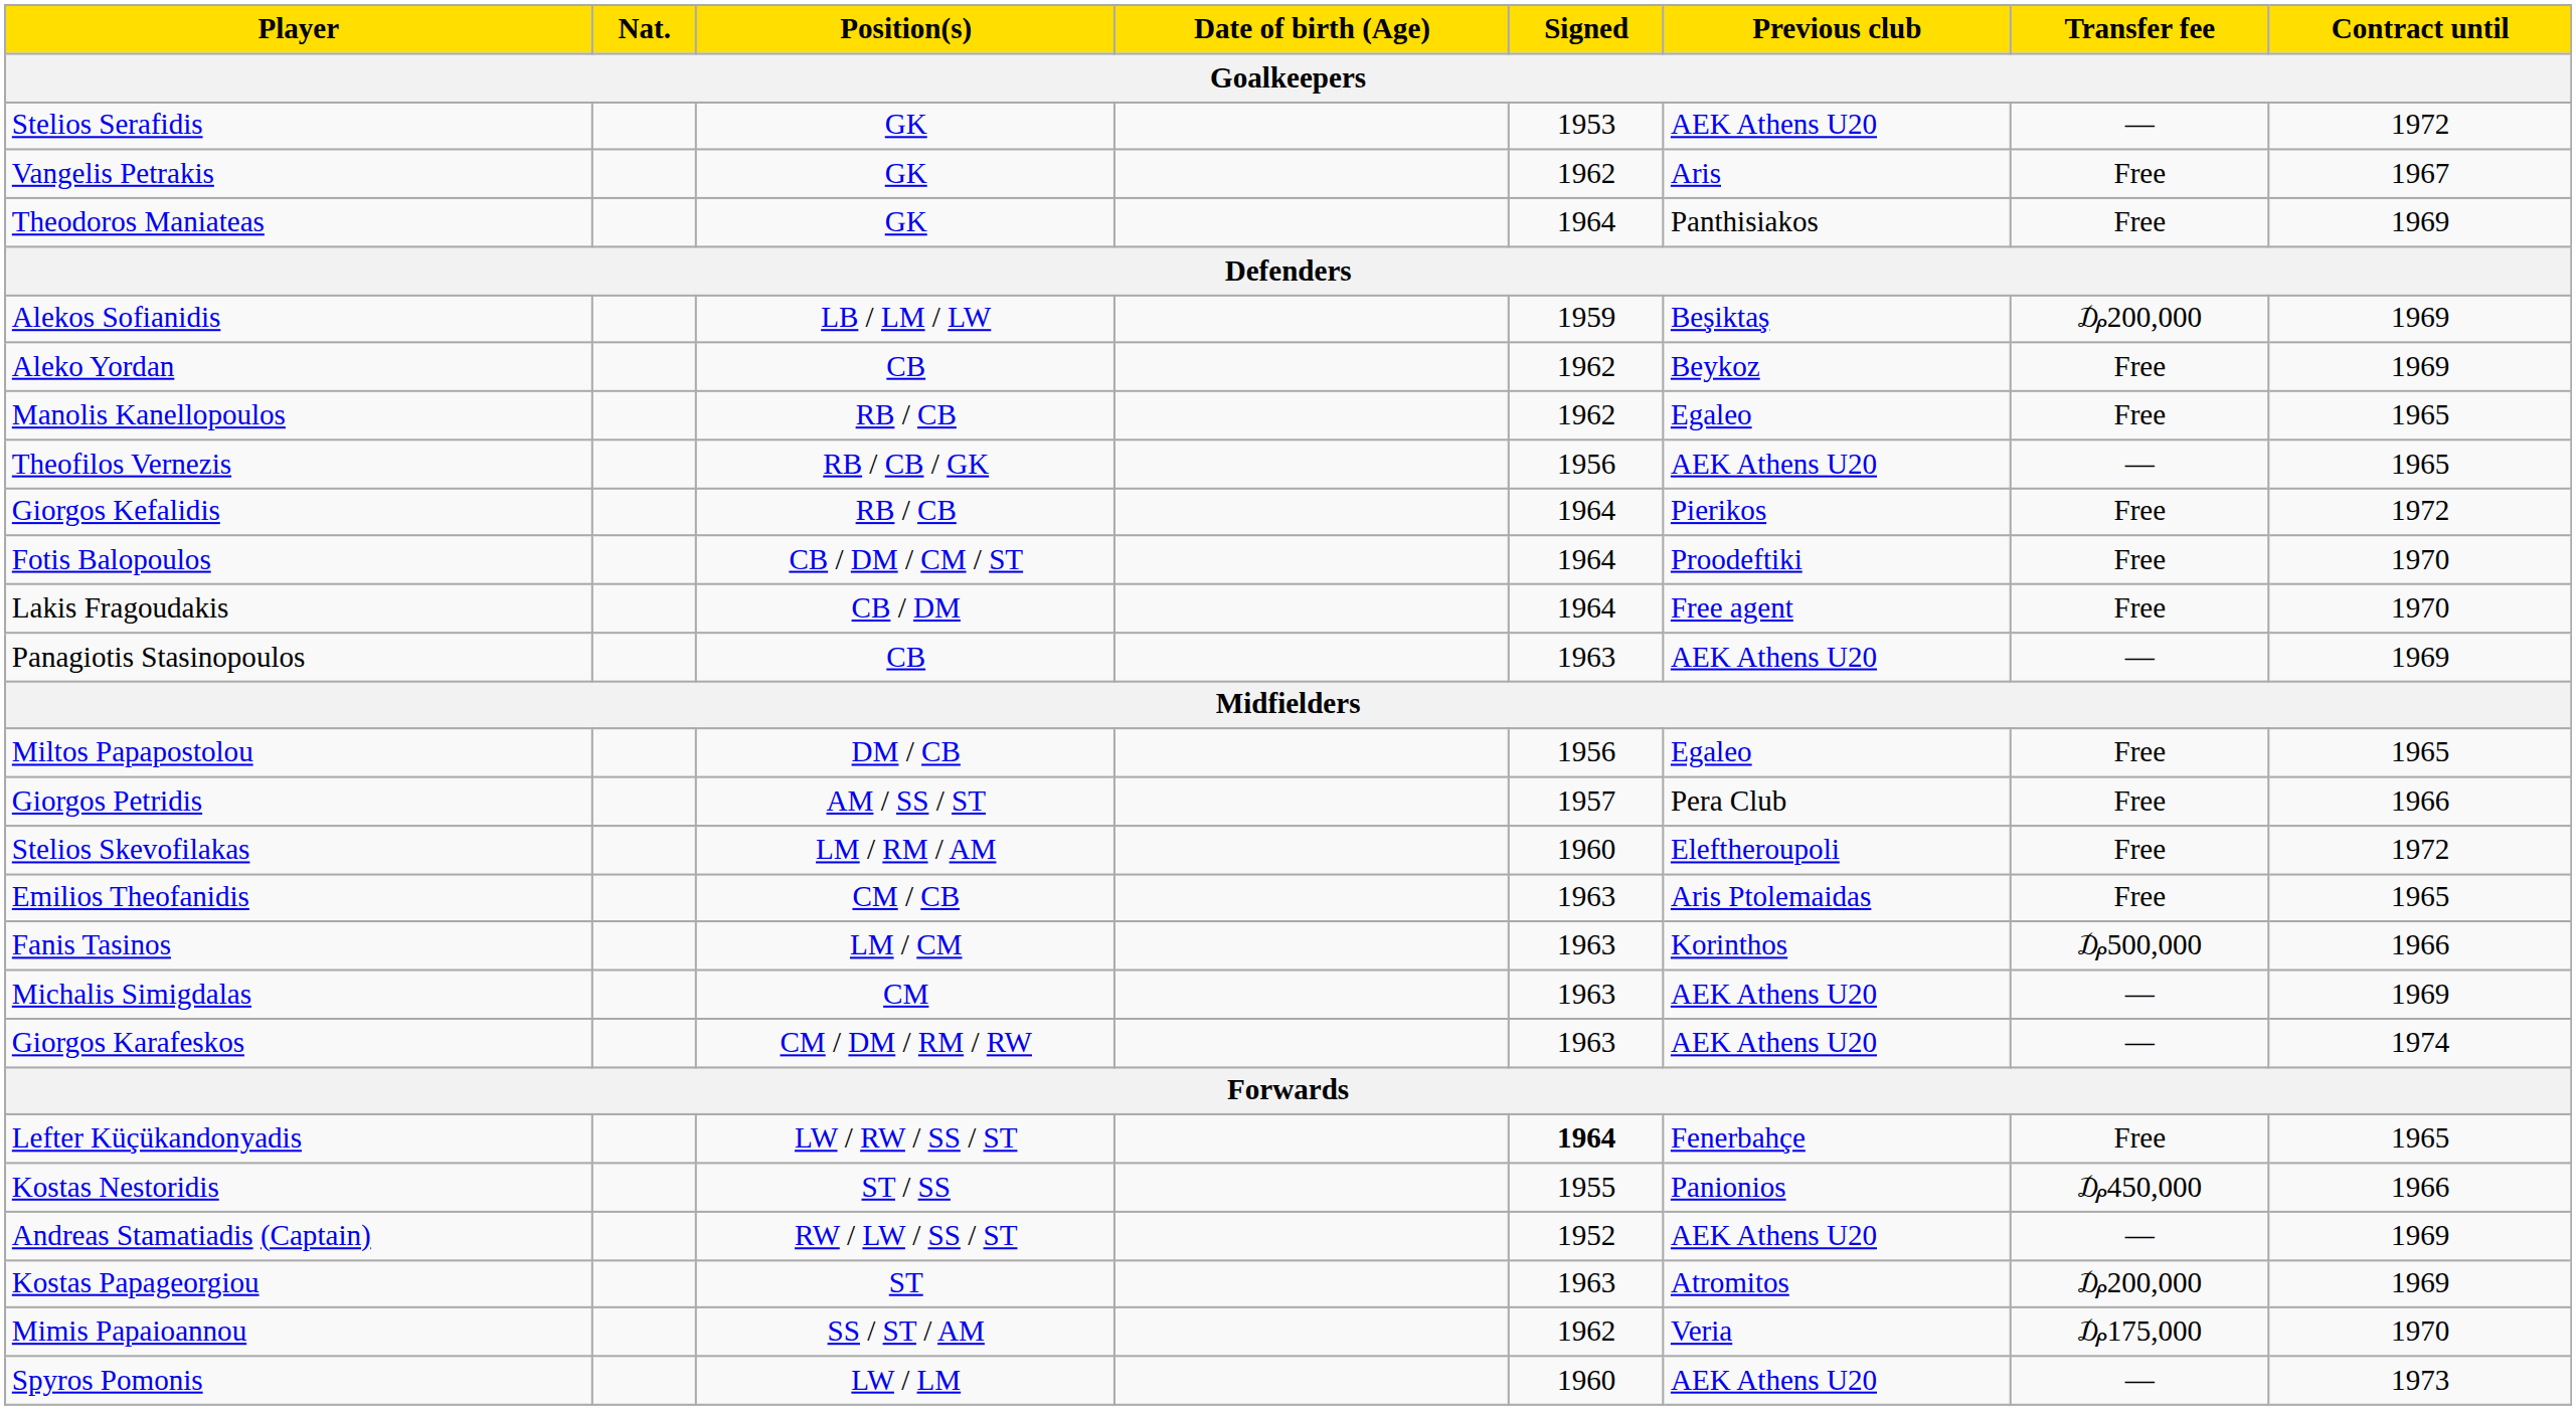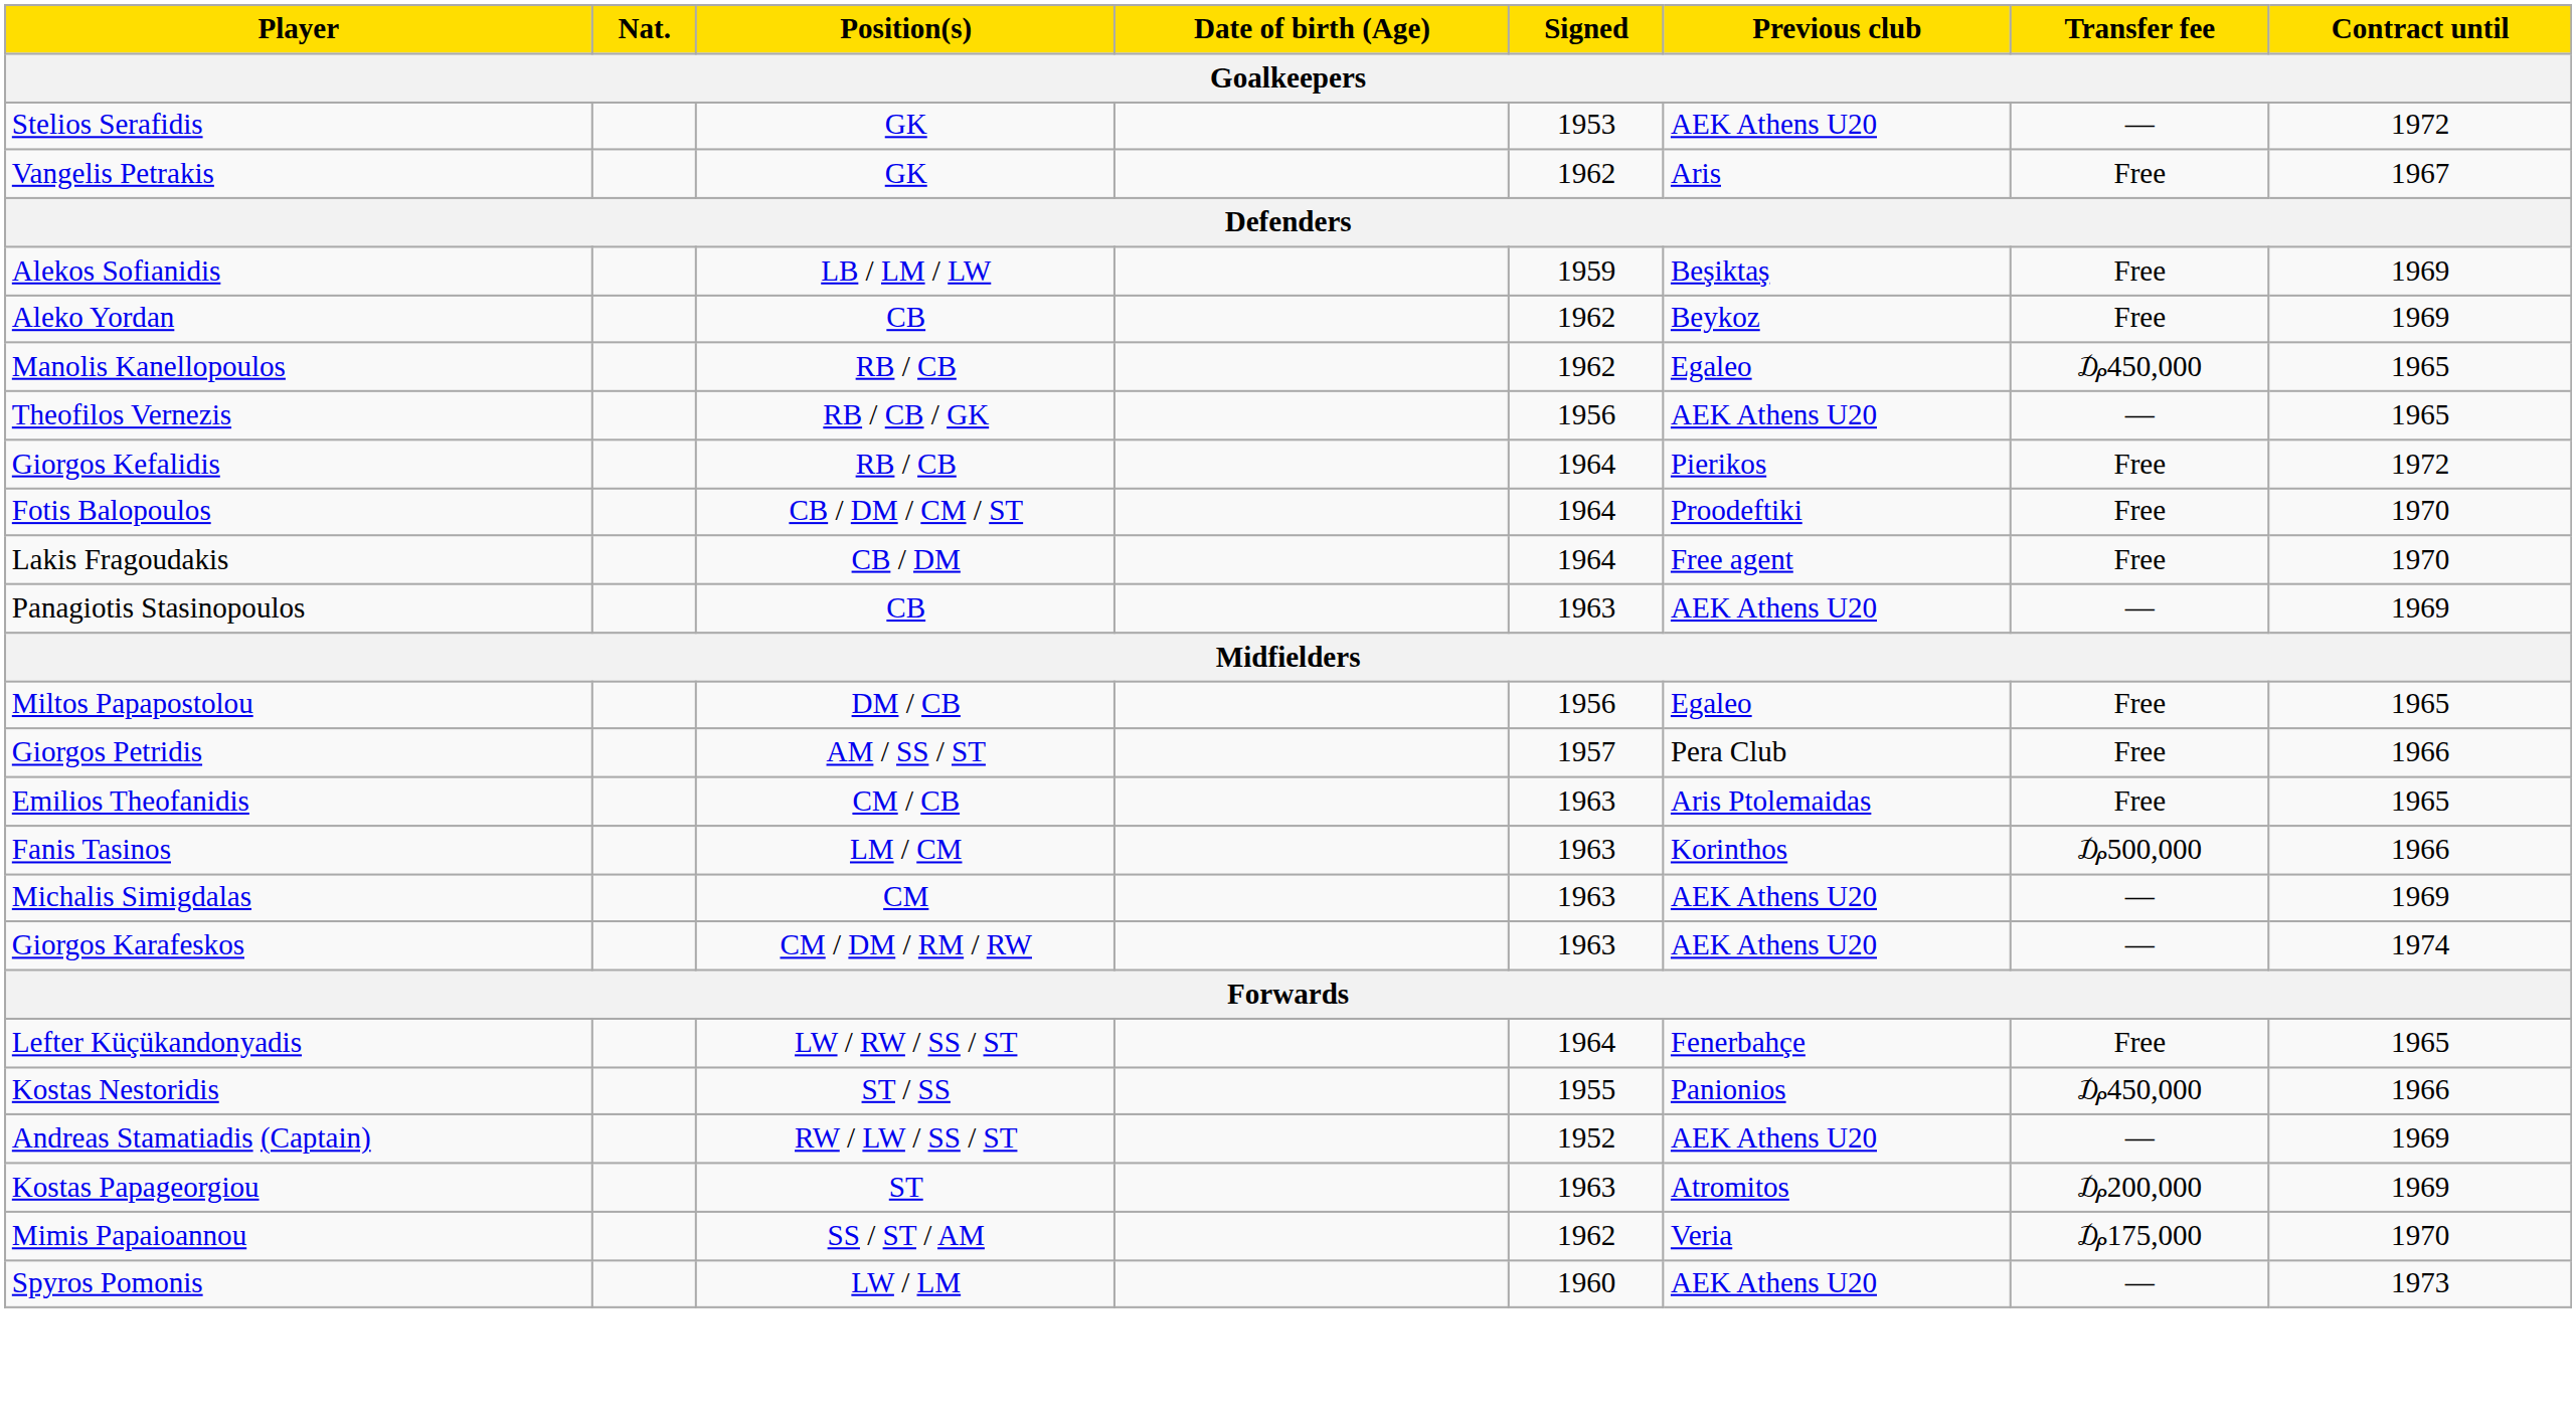 <table class="wikitable" style="text-align:center; font-size:90%;width:100%;">
 <tr>
 <th style="background:#FFDE00">Player</th>
 <th style="background:#FFDE00">Nat.</th>
 <th style="background:#FFDE00">Position(s)</th>
 <th style="background:#FFDE00">Date of birth (Age)</th>
 <th style="background:#FFDE00">Signed</th>
 <th style="background:#FFDE00">Previous club</th>
 <th style="background:#FFDE00">Transfer fee</th>
 <th style="background:#FFDE00">Contract until</th>
 </tr>
 <tr>
 <th colspan="8">Goalkeepers</th>
 </tr>
 <tr>
 <td align=left><a href='#'>Stelios Serafidis</a></td>
 <td></td>
 <td><a href='#'>GK</a></td>
 <td></td>
 <td>1953</td>
 <td align=left> <a href='#'>AEK Athens U20</a></td>
 <td>—</td>
 <td>1972</td>
 </tr>
 <tr>
 <td align=left><a href='#'>Vangelis Petrakis</a></td>
 <td></td>
 <td><a href='#'>GK</a></td>
 <td></td>
 <td>1962</td>
 <td align=left> <a href='#'>Aris</a></td>
 <td>Free</td>
 <td>1967</td>
 </tr>
 <tr>
-<td align=left><a href='#'>Theodoros Maniateas</a></td>
-<td></td>
-<td><a href='#'>GK</a></td>
-<td></td>
-<td>1964</td>
-<td align=left> Panthisiakos</td>
-<td>Free</td>
-<td>1969</td>
-</tr>
-<tr>
 <th colspan="8">Defenders</th>
 </tr>
 <tr>
 <td align=left><a href='#'>Alekos Sofianidis</a></td>
 <td></td>
 <td><a href='#'>LB</a> / <a href='#'>LM</a> / <a href='#'>LW</a></td>
 <td></td>
 <td>1959</td>
 <td align=left> <a href='#'>Beşiktaş</a></td>
-<td>₯200,000</td>
+<td>Free</td>
 <td>1969</td>
 </tr>
 <tr>
 <td align=left><a href='#'>Aleko Yordan</a></td>
 <td></td>
 <td><a href='#'>CB</a></td>
 <td></td>
 <td>1962</td>
 <td align=left> <a href='#'>Beykoz</a></td>
 <td>Free</td>
 <td>1969</td>
 </tr>
 <tr>
 <td align=left><a href='#'>Manolis Kanellopoulos</a></td>
 <td></td>
 <td><a href='#'>RB</a> / <a href='#'>CB</a></td>
 <td></td>
 <td>1962</td>
 <td align=left> <a href='#'>Egaleo</a></td>
-<td>Free</td>
+<td>₯450,000</td>
 <td>1965</td>
 </tr>
 <tr>
 <td align=left><a href='#'>Theofilos Vernezis</a></td>
 <td></td>
 <td><a href='#'>RB</a> / <a href='#'>CB</a> / <a href='#'>GK</a></td>
 <td></td>
 <td>1956</td>
 <td align=left> <a href='#'>AEK Athens U20</a></td>
 <td>—</td>
 <td>1965</td>
 </tr>
 <tr>
 <td align=left><a href='#'>Giorgos Kefalidis</a></td>
 <td></td>
 <td><a href='#'>RB</a> / <a href='#'>CB</a></td>
 <td></td>
 <td>1964</td>
 <td align=left> <a href='#'>Pierikos</a></td>
 <td>Free</td>
 <td>1972</td>
 </tr>
 <tr>
 <td align=left><a href='#'>Fotis Balopoulos</a></td>
 <td></td>
 <td><a href='#'>CB</a> / <a href='#'>DM</a> / <a href='#'>CM</a> / <a href='#'>ST</a></td>
 <td></td>
 <td>1964</td>
 <td align=left> <a href='#'>Proodeftiki</a></td>
 <td>Free</td>
 <td>1970</td>
 </tr>
 <tr>
 <td align=left>Lakis Fragoudakis</td>
 <td></td>
 <td><a href='#'>CB</a> / <a href='#'>DM</a></td>
 <td></td>
 <td>1964</td>
 <td align=left><a href='#'>Free agent</a></td>
 <td>Free</td>
 <td>1970</td>
 </tr>
 <tr>
 <td align=left>Panagiotis Stasinopoulos</td>
 <td></td>
 <td><a href='#'>CB</a></td>
 <td></td>
 <td>1963</td>
 <td align=left> <a href='#'>AEK Athens U20</a></td>
 <td>—</td>
 <td>1969</td>
 </tr>
 <tr>
 <th colspan="8">Midfielders</th>
 </tr>
 <tr>
 <td align=left><a href='#'>Miltos Papapostolou</a></td>
 <td></td>
 <td><a href='#'>DM</a> / <a href='#'>CB</a></td>
 <td></td>
 <td>1956</td>
 <td align=left> <a href='#'>Egaleo</a></td>
 <td>Free</td>
 <td>1965</td>
 </tr>
 <tr>
 <td align=left><a href='#'>Giorgos Petridis</a></td>
 <td></td>
 <td><a href='#'>AM</a> / <a href='#'>SS</a> / <a href='#'>ST</a></td>
 <td></td>
 <td>1957</td>
 <td align=left> Pera Club</td>
 <td>Free</td>
 <td>1966</td>
 </tr>
 <tr>
-<td align=left><a href='#'>Stelios Skevofilakas</a></td>
-<td></td>
-<td><a href='#'>LM</a> / <a href='#'>RM</a> / <a href='#'>AM</a></td>
-<td></td>
-<td>1960</td>
-<td align=left> <a href='#'>Eleftheroupoli</a></td>
-<td>Free</td>
-<td>1972</td>
-</tr>
-<tr>
 <td align=left><a href='#'>Emilios Theofanidis</a></td>
 <td></td>
 <td><a href='#'>CM</a> / <a href='#'>CB</a></td>
 <td></td>
 <td>1963</td>
 <td align=left> <a href='#'>Aris Ptolemaidas</a></td>
 <td>Free</td>
 <td>1965</td>
 </tr>
 <tr>
 <td align=left><a href='#'>Fanis Tasinos</a></td>
 <td></td>
 <td><a href='#'>LM</a> / <a href='#'>CM</a></td>
 <td></td>
 <td>1963</td>
 <td align=left> <a href='#'>Korinthos</a></td>
 <td>₯500,000</td>
 <td>1966</td>
 </tr>
 <tr>
 <td align=left><a href='#'>Michalis Simigdalas</a></td>
 <td></td>
 <td><a href='#'>CM</a></td>
 <td></td>
 <td>1963</td>
 <td align=left> <a href='#'>AEK Athens U20</a></td>
 <td>—</td>
 <td>1969</td>
 </tr>
 <tr>
 <td align=left><a href='#'>Giorgos Karafeskos</a></td>
 <td></td>
 <td><a href='#'>CM</a> / <a href='#'>DM</a> / <a href='#'>RM</a> / <a href='#'>RW</a></td>
 <td></td>
 <td>1963</td>
 <td align=left> <a href='#'>AEK Athens U20</a></td>
 <td>—</td>
 <td>1974</td>
 </tr>
 <tr>
 <th colspan="8">Forwards</th>
 </tr>
 <tr>
 <td align=left><a href='#'>Lefter Küçükandonyadis</a></td>
 <td></td>
 <td><a href='#'>LW</a> / <a href='#'>RW</a> / <a href='#'>SS</a> / <a href='#'>ST</a></td>
 <td></td>
-<td><strong>1964</strong></td>
+<td>1964</td>
 <td align=left> <a href='#'>Fenerbahçe</a></td>
 <td>Free</td>
 <td>1965</td>
 </tr>
 <tr>
 <td align=left><a href='#'>Kostas Nestoridis</a></td>
 <td></td>
 <td><a href='#'>ST</a> / <a href='#'>SS</a></td>
 <td></td>
 <td>1955</td>
 <td align=left> <a href='#'>Panionios</a></td>
 <td>₯450,000</td>
 <td>1966</td>
 </tr>
 <tr>
 <td align=left><a href='#'>Andreas Stamatiadis</a> <a href='#'>(Captain)</a></td>
 <td></td>
 <td><a href='#'>RW</a> / <a href='#'>LW</a> / <a href='#'>SS</a> / <a href='#'>ST</a></td>
 <td></td>
 <td>1952</td>
 <td align=left> <a href='#'>AEK Athens U20</a></td>
 <td>—</td>
 <td>1969</td>
 </tr>
 <tr>
 <td align=left><a href='#'>Kostas Papageorgiou</a></td>
 <td></td>
 <td><a href='#'>ST</a></td>
 <td></td>
 <td>1963</td>
 <td align=left> <a href='#'>Atromitos</a></td>
 <td>₯200,000</td>
 <td>1969</td>
 </tr>
 <tr>
 <td align=left><a href='#'>Mimis Papaioannou</a></td>
 <td></td>
 <td><a href='#'>SS</a> / <a href='#'>ST</a> / <a href='#'>AM</a></td>
 <td></td>
 <td>1962</td>
 <td align=left> <a href='#'>Veria</a></td>
 <td>₯175,000</td>
 <td>1970</td>
 </tr>
 <tr>
 <td align=left><a href='#'>Spyros Pomonis</a></td>
 <td></td>
 <td><a href='#'>LW</a> / <a href='#'>LM</a></td>
 <td></td>
 <td>1960</td>
 <td align=left> <a href='#'>AEK Athens U20</a></td>
 <td>—</td>
 <td>1973</td>
 </tr>
 </table>
